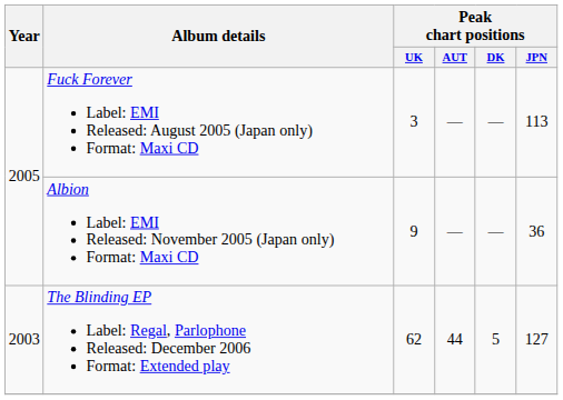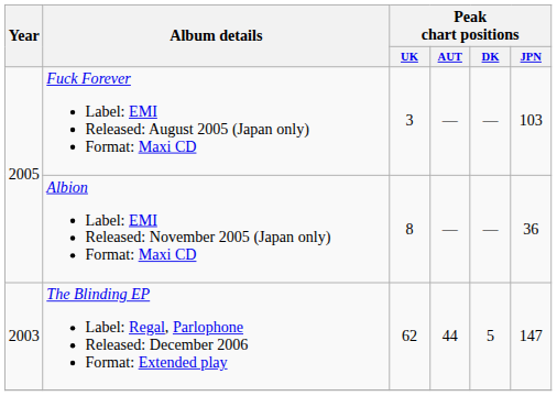 <table class="wikitable">
 <tr>
 <th rowspan="2">Year</th>
 <th rowspan="2" width="350">Album details</th>
 <th colspan="4">Peak<br>chart positions</th>
 </tr>
 <tr>
 <th style="width:3em;font-size:75%;"><a href='#'>UK</a><br></th>
 <th style="width:3em;font-size:75%;"><a href='#'>AUT</a><br></th>
 <th style="width:3em;font-size:75%;"><a href='#'>DK</a><br></th>
 <th style="width:3em;font-size:75%;"><a href='#'>JPN</a><br></th>
 </tr>
 <tr>
 <td rowspan="2">2005</td>
 <td align="left"><em><a href='#'>Fuck Forever</a></em><br><ul><li>Label: <a href='#'>EMI</a></li><li>Released: August 2005 (Japan only)</li><li>Format: <a href='#'>Maxi CD</a></li></ul></td>
 <td align="center">3</td>
 <td align="center">—</td>
 <td align="center">—</td>
-<td align="center">113</td>
+<td align="center">103</td>
 </tr>
 <tr>
 <td align="left"><em><a href='#'>Albion</a></em><br><ul><li>Label: <a href='#'>EMI</a></li><li>Released: November 2005 (Japan only)</li><li>Format: <a href='#'>Maxi CD</a></li></ul></td>
-<td align="center">9</td>
+<td align="center">8</td>
 <td align="center">—</td>
 <td align="center">—</td>
 <td align="center">36</td>
 </tr>
 <tr>
 <td>2003</td>
 <td align="left"><em><a href='#'>The Blinding EP</a></em><br><ul><li>Label: <a href='#'>Regal</a>, <a href='#'>Parlophone</a></li><li>Released: December 2006</li><li>Format: <a href='#'>Extended play</a></li></ul></td>
 <td align="center">62</td>
 <td align="center">44</td>
 <td align="center">5</td>
-<td align="center">127</td>
+<td align="center">147</td>
 </tr>
 <tr>
 </tr>
 </table>
